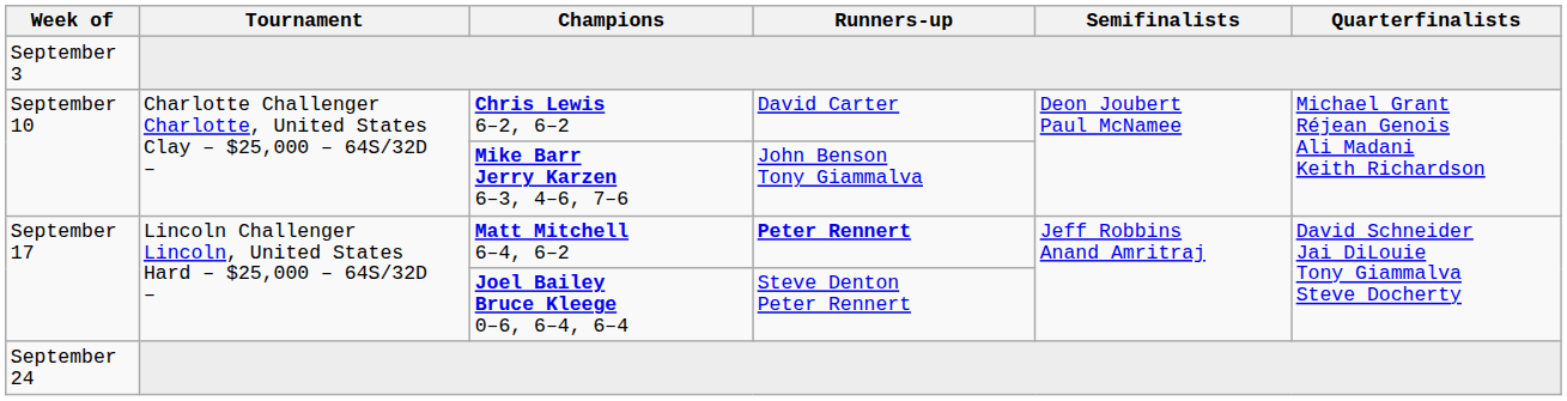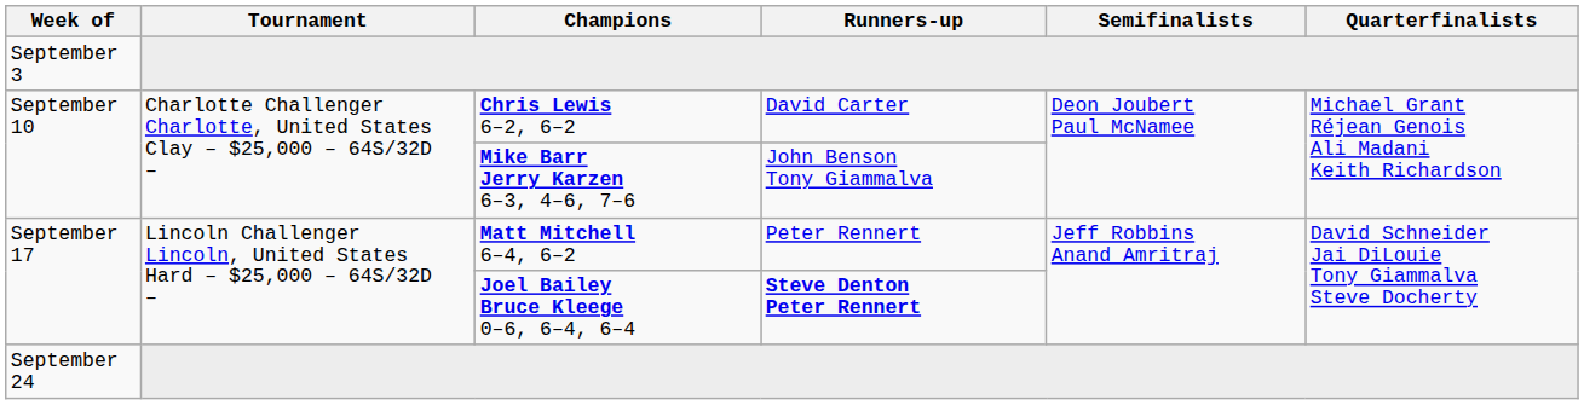 <table class="wikitable" style="font-size:85%;">
 <tr>
 <th width="75">Week of</th>
 <th width="250">Tournament</th>
 <th width="210">Champions</th>
 <th width="210">Runners-up</th>
 <th width="170">Semifinalists</th>
 <th width="170">Quarterfinalists</th>
 </tr>
 <tr valign="top">
 <td rowspan="1">September 3</td>
 <td colspan="5" bgcolor="#ededed"></td>
 </tr>
 <tr valign="top">
 <td rowspan="2">September 10</td>
 <td rowspan="2">Charlotte Challenger<br> <a href='#'>Charlotte</a>, United States<br>Clay – $25,000 – 64S/32D<br>  – </td>
 <td> <strong><a href='#'>Chris Lewis</a></strong> <br>6–2, 6–2</td>
 <td> <a href='#'>David Carter</a></td>
 <td rowspan="2"> <a href='#'>Deon Joubert</a> <br>  <a href='#'>Paul McNamee</a></td>
 <td rowspan="2"> <a href='#'>Michael Grant</a> <br> <a href='#'>Réjean Genois</a> <br> <a href='#'>Ali Madani</a> <br>  <a href='#'>Keith Richardson</a></td>
 </tr>
 <tr valign="top">
 <td> <strong><a href='#'>Mike Barr</a></strong> <br> <strong><a href='#'>Jerry Karzen</a></strong><br>6–3, 4–6, 7–6</td>
 <td> <a href='#'>John Benson</a> <br>  <a href='#'>Tony Giammalva</a></td>
 </tr>
 <tr valign="top">
 <td rowspan="2">September 17</td>
 <td rowspan="2">Lincoln Challenger<br> <a href='#'>Lincoln</a>, United States<br>Hard – $25,000 – 64S/32D<br>  – </td>
 <td> <strong><a href='#'>Matt Mitchell</a></strong> <br>6–4, 6–2</td>
-<td><strong> <a href='#'>Peter Rennert</a></strong></td>
+<td> <a href='#'>Peter Rennert</a></td>
 <td rowspan="2"> <a href='#'>Jeff Robbins</a> <br>  <a href='#'>Anand Amritraj</a></td>
 <td rowspan="2"> <a href='#'>David Schneider</a> <br> <a href='#'>Jai DiLouie</a> <br> <a href='#'>Tony Giammalva</a> <br>  <a href='#'>Steve Docherty</a></td>
 </tr>
 <tr valign="top">
 <td> <strong><a href='#'>Joel Bailey</a></strong> <br> <strong><a href='#'>Bruce Kleege</a></strong><br>0–6, 6–4, 6–4</td>
-<td> <a href='#'>Steve Denton</a> <br>  <a href='#'>Peter Rennert</a></td>
+<td><strong> <a href='#'>Steve Denton</a> <br>  <a href='#'>Peter Rennert</a></strong></td>
 </tr>
 <tr valign="top">
 <td rowspan="1">September 24</td>
 <td colspan="5" bgcolor="#ededed"></td>
 </tr>
 </table>
